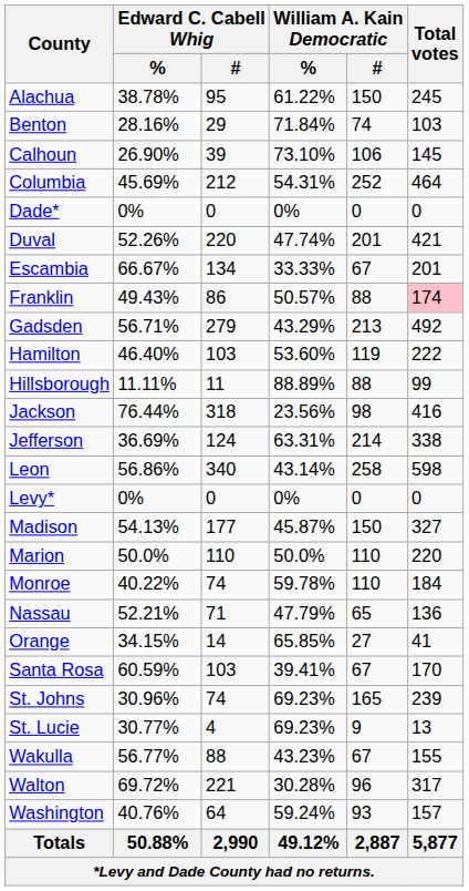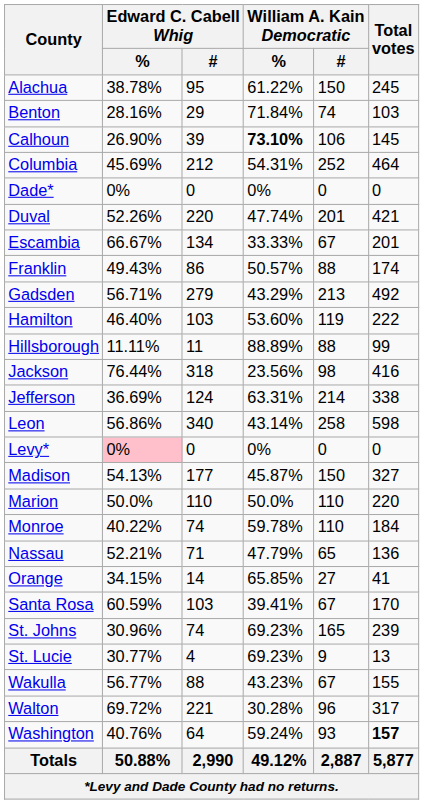 <table class="wikitable sortable">
 <tr>
 <th rowspan="2" colspan="1" style="text-align:center">County</th>
 <th colspan="2" style="text-align: center;" >Edward C. Cabell <br><em>Whig</em></th>
 <th colspan="2" style="text-align: center;" >William A. Kain<br><em>Democratic</em></th>
 <th rowspan="2" colspan="1" style="text-align: center;">Total<br>votes</th>
 </tr>
 <tr>
 <th colspan="1" style="text-align: center;" >%</th>
 <th colspan="1" style="text-align: center;" >#</th>
 <th colspan="1" style="text-align: center;" >%</th>
 <th colspan="1" style="text-align: center;" >#</th>
 </tr>
 <tr>
 <td><a href='#'>Alachua</a></td>
 <td>38.78%</td>
 <td>95</td>
 <td>61.22%</td>
 <td>150</td>
 <td>245</td>
 </tr>
 <tr>
 <td><a href='#'>Benton</a></td>
 <td>28.16%</td>
 <td>29</td>
 <td>71.84%</td>
 <td>74</td>
 <td>103</td>
 </tr>
 <tr>
 <td><a href='#'>Calhoun</a></td>
 <td>26.90%</td>
 <td>39</td>
-<td>73.10%</td>
+<td><strong>73.10%</strong></td>
 <td>106</td>
 <td>145</td>
 </tr>
 <tr>
 <td><a href='#'>Columbia</a></td>
 <td>45.69%</td>
 <td>212</td>
 <td>54.31%</td>
 <td>252</td>
 <td>464</td>
 </tr>
 <tr>
 <td><a href='#'>Dade*</a></td>
 <td>0%</td>
 <td>0</td>
 <td>0%</td>
 <td>0</td>
 <td>0</td>
 </tr>
 <tr>
 <td><a href='#'>Duval</a></td>
 <td>52.26%</td>
 <td>220</td>
 <td>47.74%</td>
 <td>201</td>
 <td>421</td>
 </tr>
 <tr>
 <td><a href='#'>Escambia</a></td>
 <td>66.67%</td>
 <td>134</td>
 <td>33.33%</td>
 <td>67</td>
 <td>201</td>
 </tr>
 <tr>
 <td><a href='#'>Franklin</a></td>
 <td>49.43%</td>
 <td>86</td>
 <td>50.57%</td>
 <td>88</td>
-<td style="background: pink;">174</td>
+<td>174</td>
 </tr>
 <tr>
 <td><a href='#'>Gadsden</a></td>
 <td>56.71%</td>
 <td>279</td>
 <td>43.29%</td>
 <td>213</td>
 <td>492</td>
 </tr>
 <tr>
 <td><a href='#'>Hamilton</a></td>
 <td>46.40%</td>
 <td>103</td>
 <td>53.60%</td>
 <td>119</td>
 <td>222</td>
 </tr>
 <tr>
 <td><a href='#'>Hillsborough</a></td>
 <td>11.11%</td>
 <td>11</td>
 <td>88.89%</td>
 <td>88</td>
 <td>99</td>
 </tr>
 <tr>
 <td><a href='#'>Jackson</a></td>
 <td>76.44%</td>
 <td>318</td>
 <td>23.56%</td>
 <td>98</td>
 <td>416</td>
 </tr>
 <tr>
 <td><a href='#'>Jefferson</a></td>
 <td>36.69%</td>
 <td>124</td>
 <td>63.31%</td>
 <td>214</td>
 <td>338</td>
 </tr>
 <tr>
 <td><a href='#'>Leon</a></td>
 <td>56.86%</td>
 <td>340</td>
 <td>43.14%</td>
 <td>258</td>
 <td>598</td>
 </tr>
 <tr>
 <td><a href='#'>Levy*</a></td>
-<td>0%</td>
+<td style="background: pink;">0%</td>
 <td>0</td>
 <td>0%</td>
 <td>0</td>
 <td>0</td>
 </tr>
 <tr>
 <td><a href='#'>Madison</a></td>
 <td>54.13%</td>
 <td>177</td>
 <td>45.87%</td>
 <td>150</td>
 <td>327</td>
 </tr>
 <tr>
 <td><a href='#'>Marion</a></td>
 <td>50.0%</td>
 <td>110</td>
 <td>50.0%</td>
 <td>110</td>
 <td>220</td>
 </tr>
 <tr>
 <td><a href='#'>Monroe</a></td>
 <td>40.22%</td>
 <td>74</td>
 <td>59.78%</td>
 <td>110</td>
 <td>184</td>
 </tr>
 <tr>
 <td><a href='#'>Nassau</a></td>
 <td>52.21%</td>
 <td>71</td>
 <td>47.79%</td>
 <td>65</td>
 <td>136</td>
 </tr>
 <tr>
 <td><a href='#'>Orange</a></td>
 <td>34.15%</td>
 <td>14</td>
 <td>65.85%</td>
 <td>27</td>
 <td>41</td>
 </tr>
 <tr>
 <td><a href='#'>Santa Rosa</a></td>
 <td>60.59%</td>
 <td>103</td>
 <td>39.41%</td>
 <td>67</td>
 <td>170</td>
 </tr>
 <tr>
 <td><a href='#'>St. Johns</a></td>
 <td>30.96%</td>
 <td>74</td>
 <td>69.23%</td>
 <td>165</td>
 <td>239</td>
 </tr>
 <tr>
 <td><a href='#'>St. Lucie</a></td>
 <td>30.77%</td>
 <td>4</td>
 <td>69.23%</td>
 <td>9</td>
 <td>13</td>
 </tr>
 <tr>
 <td><a href='#'>Wakulla</a></td>
 <td>56.77%</td>
 <td>88</td>
 <td>43.23%</td>
 <td>67</td>
 <td>155</td>
 </tr>
 <tr>
 <td><a href='#'>Walton</a></td>
 <td>69.72%</td>
 <td>221</td>
 <td>30.28%</td>
 <td>96</td>
 <td>317</td>
 </tr>
 <tr>
 <td><a href='#'>Washington</a></td>
 <td>40.76%</td>
 <td>64</td>
 <td>59.24%</td>
 <td>93</td>
-<td>157</td>
+<td><strong>157</strong></td>
 </tr>
 <tr>
 <th>Totals</th>
 <th>50.88%</th>
 <th>2,990</th>
 <th>49.12%</th>
 <th>2,887</th>
 <th>5,877</th>
 </tr>
 <tr>
 <th colspan="6"><strong><em><small>*Levy and Dade County had no returns.</small></em></strong></th>
 </tr>
 </table>
